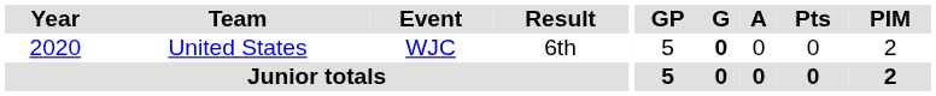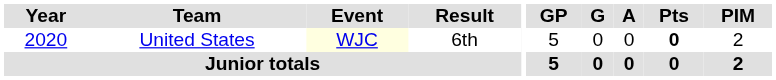 <table border="0" cellpadding="1" cellspacing="0" ID="Table3" style="text-align:center; width:40em">
 <tr bgcolor="#e0e0e0">
 <th>Year</th>
 <th>Team</th>
 <th>Event</th>
 <th>Result</th>
 <th rowspan="99" bgcolor="#ffffff"></th>
 <th>GP</th>
 <th>G</th>
 <th>A</th>
 <th>Pts</th>
 <th>PIM</th>
 </tr>
 <tr>
 <td><a href='#'>2020</a></td>
 <td><a href='#'>United States</a></td>
-<td><a href='#'>WJC</a></td>
+<td style="background: lightyellow;"><a href='#'>WJC</a></td>
 <td>6th</td>
 <td>5</td>
-<td><strong>0</strong></td>
 <td>0</td>
 <td>0</td>
+<td><strong>0</strong></td>
 <td>2</td>
 </tr>
 <tr bgcolor="#e0e0e0">
 <th colspan="4">Junior totals</th>
 <th>5</th>
 <th>0</th>
 <th>0</th>
 <th>0</th>
 <th>2</th>
 </tr>
 </table>
